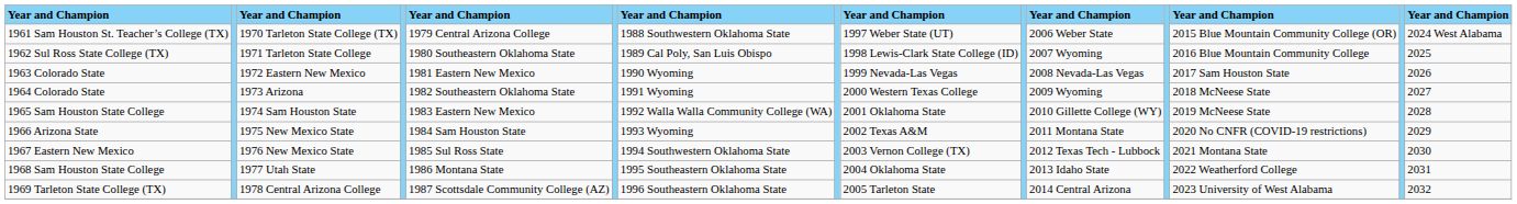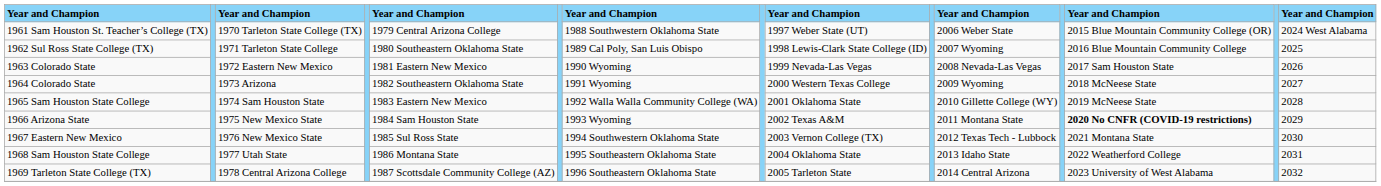 <table class="wikitable" style="font-size:85%;">
 <tr ! style="background-color: #87D3F8;">
 <td><strong>Year and Champion</strong></td>
 <td rowspan=10></td>
 <td><strong>Year and Champion</strong></td>
 <td rowspan=10></td>
 <td><strong>Year and Champion</strong></td>
 <td rowspan=10></td>
 <td><strong>Year and Champion</strong></td>
 <td rowspan=10></td>
 <td><strong>Year and Champion</strong></td>
 <td rowspan=10></td>
 <td><strong>Year and Champion</strong></td>
 <td rowspan=10></td>
 <td><strong>Year and Champion</strong></td>
 <td rowspan=10></td>
 <td><strong>Year and Champion</strong></td>
 </tr>
 <tr --->
 <td>1961 Sam Houston St. Teacher’s College (TX)</td>
 <td>1970 Tarleton State College (TX)</td>
 <td>1979 Central Arizona College</td>
 <td>1988 Southwestern Oklahoma State</td>
 <td>1997 Weber State (UT)</td>
 <td>2006 Weber State</td>
 <td>2015 Blue Mountain Community College (OR)</td>
 <td>2024 West Alabama</td>
 </tr>
 <tr --->
 <td>1962 Sul Ross State College (TX)</td>
 <td>1971 Tarleton State College</td>
 <td>1980 Southeastern Oklahoma State</td>
 <td>1989 Cal Poly, San Luis Obispo</td>
 <td>1998 Lewis-Clark State College (ID)</td>
 <td>2007 Wyoming</td>
 <td>2016 Blue Mountain Community College</td>
 <td>2025</td>
 </tr>
 <tr --->
 <td>1963 Colorado State</td>
 <td>1972 Eastern New Mexico</td>
 <td>1981 Eastern New Mexico</td>
 <td>1990 Wyoming</td>
 <td>1999 Nevada-Las Vegas</td>
 <td>2008 Nevada-Las Vegas</td>
 <td>2017 Sam Houston State</td>
 <td>2026</td>
 </tr>
 <tr --->
 <td>1964 Colorado State</td>
 <td>1973 Arizona</td>
 <td>1982 Southeastern Oklahoma State</td>
 <td>1991 Wyoming</td>
 <td>2000 Western Texas College</td>
 <td>2009 Wyoming</td>
 <td>2018 McNeese State</td>
 <td>2027</td>
 </tr>
 <tr --->
 <td>1965 Sam Houston State College</td>
 <td>1974 Sam Houston State</td>
 <td>1983 Eastern New Mexico</td>
 <td>1992 Walla Walla Community College (WA)</td>
 <td>2001 Oklahoma State</td>
 <td>2010 Gillette College (WY)</td>
 <td>2019 McNeese State</td>
 <td>2028</td>
 </tr>
 <tr --->
 <td>1966 Arizona State</td>
 <td>1975 New Mexico State</td>
 <td>1984 Sam Houston State</td>
 <td>1993 Wyoming</td>
 <td>2002 Texas A&M</td>
 <td>2011 Montana State</td>
-<td>2020 No CNFR (COVID-19 restrictions)</td>
+<td><strong>2020 No CNFR (COVID-19 restrictions)</strong></td>
 <td>2029</td>
 </tr>
 <tr --->
 <td>1967 Eastern New Mexico</td>
 <td>1976 New Mexico State</td>
 <td>1985 Sul Ross State</td>
 <td>1994 Southwestern Oklahoma State</td>
 <td>2003 Vernon College (TX)</td>
 <td>2012 Texas Tech - Lubbock</td>
 <td>2021 Montana State</td>
 <td>2030</td>
 </tr>
 <tr --->
 <td>1968 Sam Houston State College</td>
 <td>1977 Utah State</td>
 <td>1986 Montana State</td>
 <td>1995 Southeastern Oklahoma State</td>
 <td>2004 Oklahoma State</td>
 <td>2013 Idaho State</td>
 <td>2022 Weatherford College</td>
 <td>2031</td>
 </tr>
 <tr --->
 <td>1969 Tarleton State College (TX)</td>
 <td>1978 Central Arizona College</td>
 <td>1987 Scottsdale Community College (AZ)</td>
 <td>1996 Southeastern Oklahoma State</td>
 <td>2005 Tarleton State</td>
 <td>2014 Central Arizona</td>
 <td>2023 University of West Alabama</td>
 <td>2032</td>
 </tr>
 <tr --->
 </tr>
 </table>
